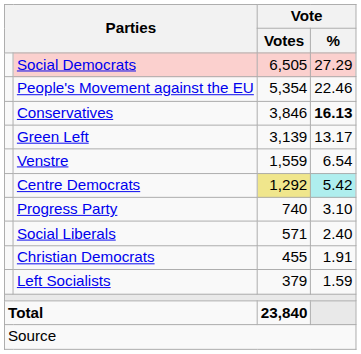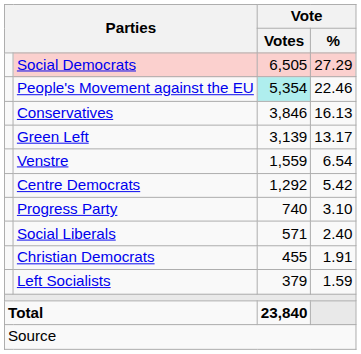 <table class="wikitable" style="text-align:right;">
 <tr>
 <th style="text-align:centre;" rowspan="2" colspan="2" width="225">Parties</th>
 <th colspan="3">Vote</th>
 </tr>
 <tr>
 <th width="15">Votes</th>
 <th width="15">%</th>
 </tr>
 <tr>
 <td width="2" style="color:inherit;background:"></td>
 <td bgcolor=#fbd0ce   align="left"><a href='#'>Social Democrats</a></td>
 <td bgcolor=#fbd0ce>6,505</td>
 <td bgcolor=#fbd0ce>27.29</td>
 </tr>
 <tr>
 <td width="2" style="color:inherit;background:"></td>
 <td align="left"><a href='#'>People's Movement against the EU</a></td>
-<td>5,354</td>
+<td style="background: paleturquoise;">5,354</td>
 <td>22.46</td>
 </tr>
 <tr>
 <td width="2" style="color:inherit;background:"></td>
 <td align="left"><a href='#'>Conservatives</a></td>
 <td>3,846</td>
-<td><strong>16.13</strong></td>
+<td>16.13</td>
 </tr>
 <tr>
 <td width="2" style="color:inherit;background:"></td>
 <td align="left"><a href='#'>Green Left</a></td>
 <td>3,139</td>
 <td>13.17</td>
 </tr>
 <tr>
 <td width="2" style="color:inherit;background:"></td>
 <td align="left"><a href='#'>Venstre</a></td>
 <td>1,559</td>
 <td>6.54</td>
 </tr>
 <tr>
 <td width="2" style="color:inherit;background:"></td>
 <td align="left"><a href='#'>Centre Democrats</a></td>
-<td style="background: khaki;">1,292</td>
-<td style="background: paleturquoise;">5.42</td>
+<td>1,292</td>
+<td>5.42</td>
 </tr>
 <tr>
 <td width="2" style="color:inherit;background:"></td>
 <td align="left"><a href='#'>Progress Party</a></td>
 <td>740</td>
 <td>3.10</td>
 </tr>
 <tr>
 <td width="2" style="color:inherit;background:"></td>
 <td align="left"><a href='#'>Social Liberals</a></td>
 <td>571</td>
 <td>2.40</td>
 </tr>
 <tr>
 <td width="2" style="color:inherit;background:"></td>
 <td align="left"><a href='#'>Christian Democrats</a></td>
 <td>455</td>
 <td>1.91</td>
 </tr>
 <tr>
 <td width="2" style="color:inherit;background:"></td>
 <td align="left"><a href='#'>Left Socialists</a></td>
 <td>379</td>
 <td>1.59</td>
 </tr>
 <tr>
 <td colspan="7" bgcolor="#E9E9E9"></td>
 </tr>
 <tr>
 <td align="left" colspan="2"><strong>Total</strong></td>
 <td><strong>23,840</strong></td>
 <td bgcolor="#E9E9E9" colspan="2"></td>
 </tr>
 <tr>
 <td align="left" colspan="6">Source</td>
 </tr>
 </table>
